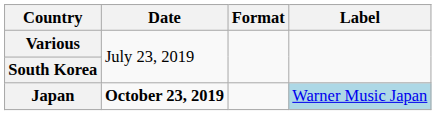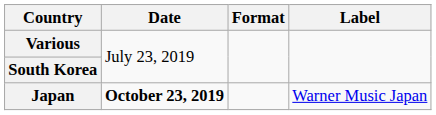 <table class="wikitable plainrowheaders">
 <tr>
 <th>Country</th>
 <th>Date</th>
 <th>Format</th>
 <th>Label</th>
 </tr>
 <tr>
 <th scope="row">Various</th>
 <td rowspan="2">July 23, 2019</td>
 <td rowspan="2"></td>
 <td rowspan="2"></td>
 </tr>
 <tr>
 <th scope="row">South Korea</th>
 </tr>
 <tr>
 <th scope="row">Japan</th>
 <td><strong>October 23, 2019</strong></td>
 <td></td>
-<td style="background: lightblue;"><a href='#'>Warner Music Japan</a></td>
+<td><a href='#'>Warner Music Japan</a></td>
 </tr>
 </table>
